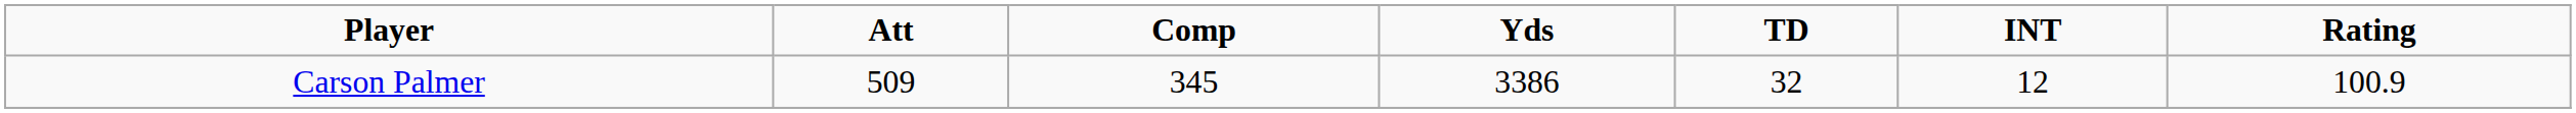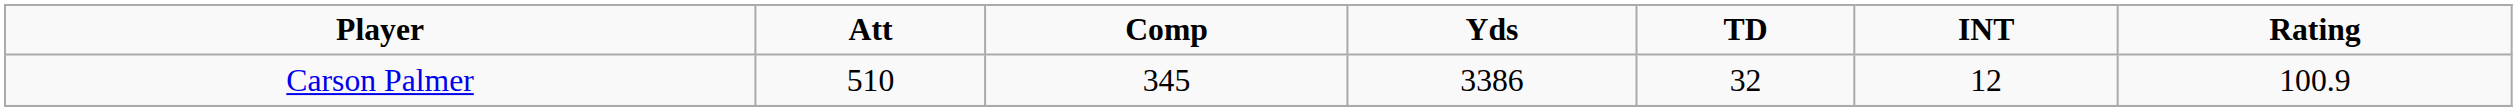 <table class="wikitable" width="80%">
 <tr align="center">
 <td><strong>Player</strong></td>
 <td><strong>Att</strong></td>
 <td><strong>Comp</strong></td>
 <td><strong>Yds</strong></td>
 <td><strong>TD</strong></td>
 <td><strong>INT</strong></td>
 <td><strong>Rating</strong></td>
 </tr>
 <tr align="center" bgcolor="">
 <td><a href='#'>Carson Palmer</a></td>
-<td>509</td>
+<td>510</td>
 <td>345</td>
 <td>3386</td>
 <td>32</td>
 <td>12</td>
 <td>100.9</td>
 </tr>
 <tr align="center" bgcolor="">
 </tr>
 </table>
